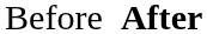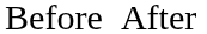 <table border="0" cellspacing="0" cellpadding="0">
 <tr valign="top">
 <td><br></td>
 <td>  </td>
 <td><br></td>
 <td>  </td>
 </tr>
 <tr valign="top">
 <td>Before</td>
 <td>  </td>
-<td><strong>After</strong></td>
+<td>After</td>
 </tr>
 </table>
